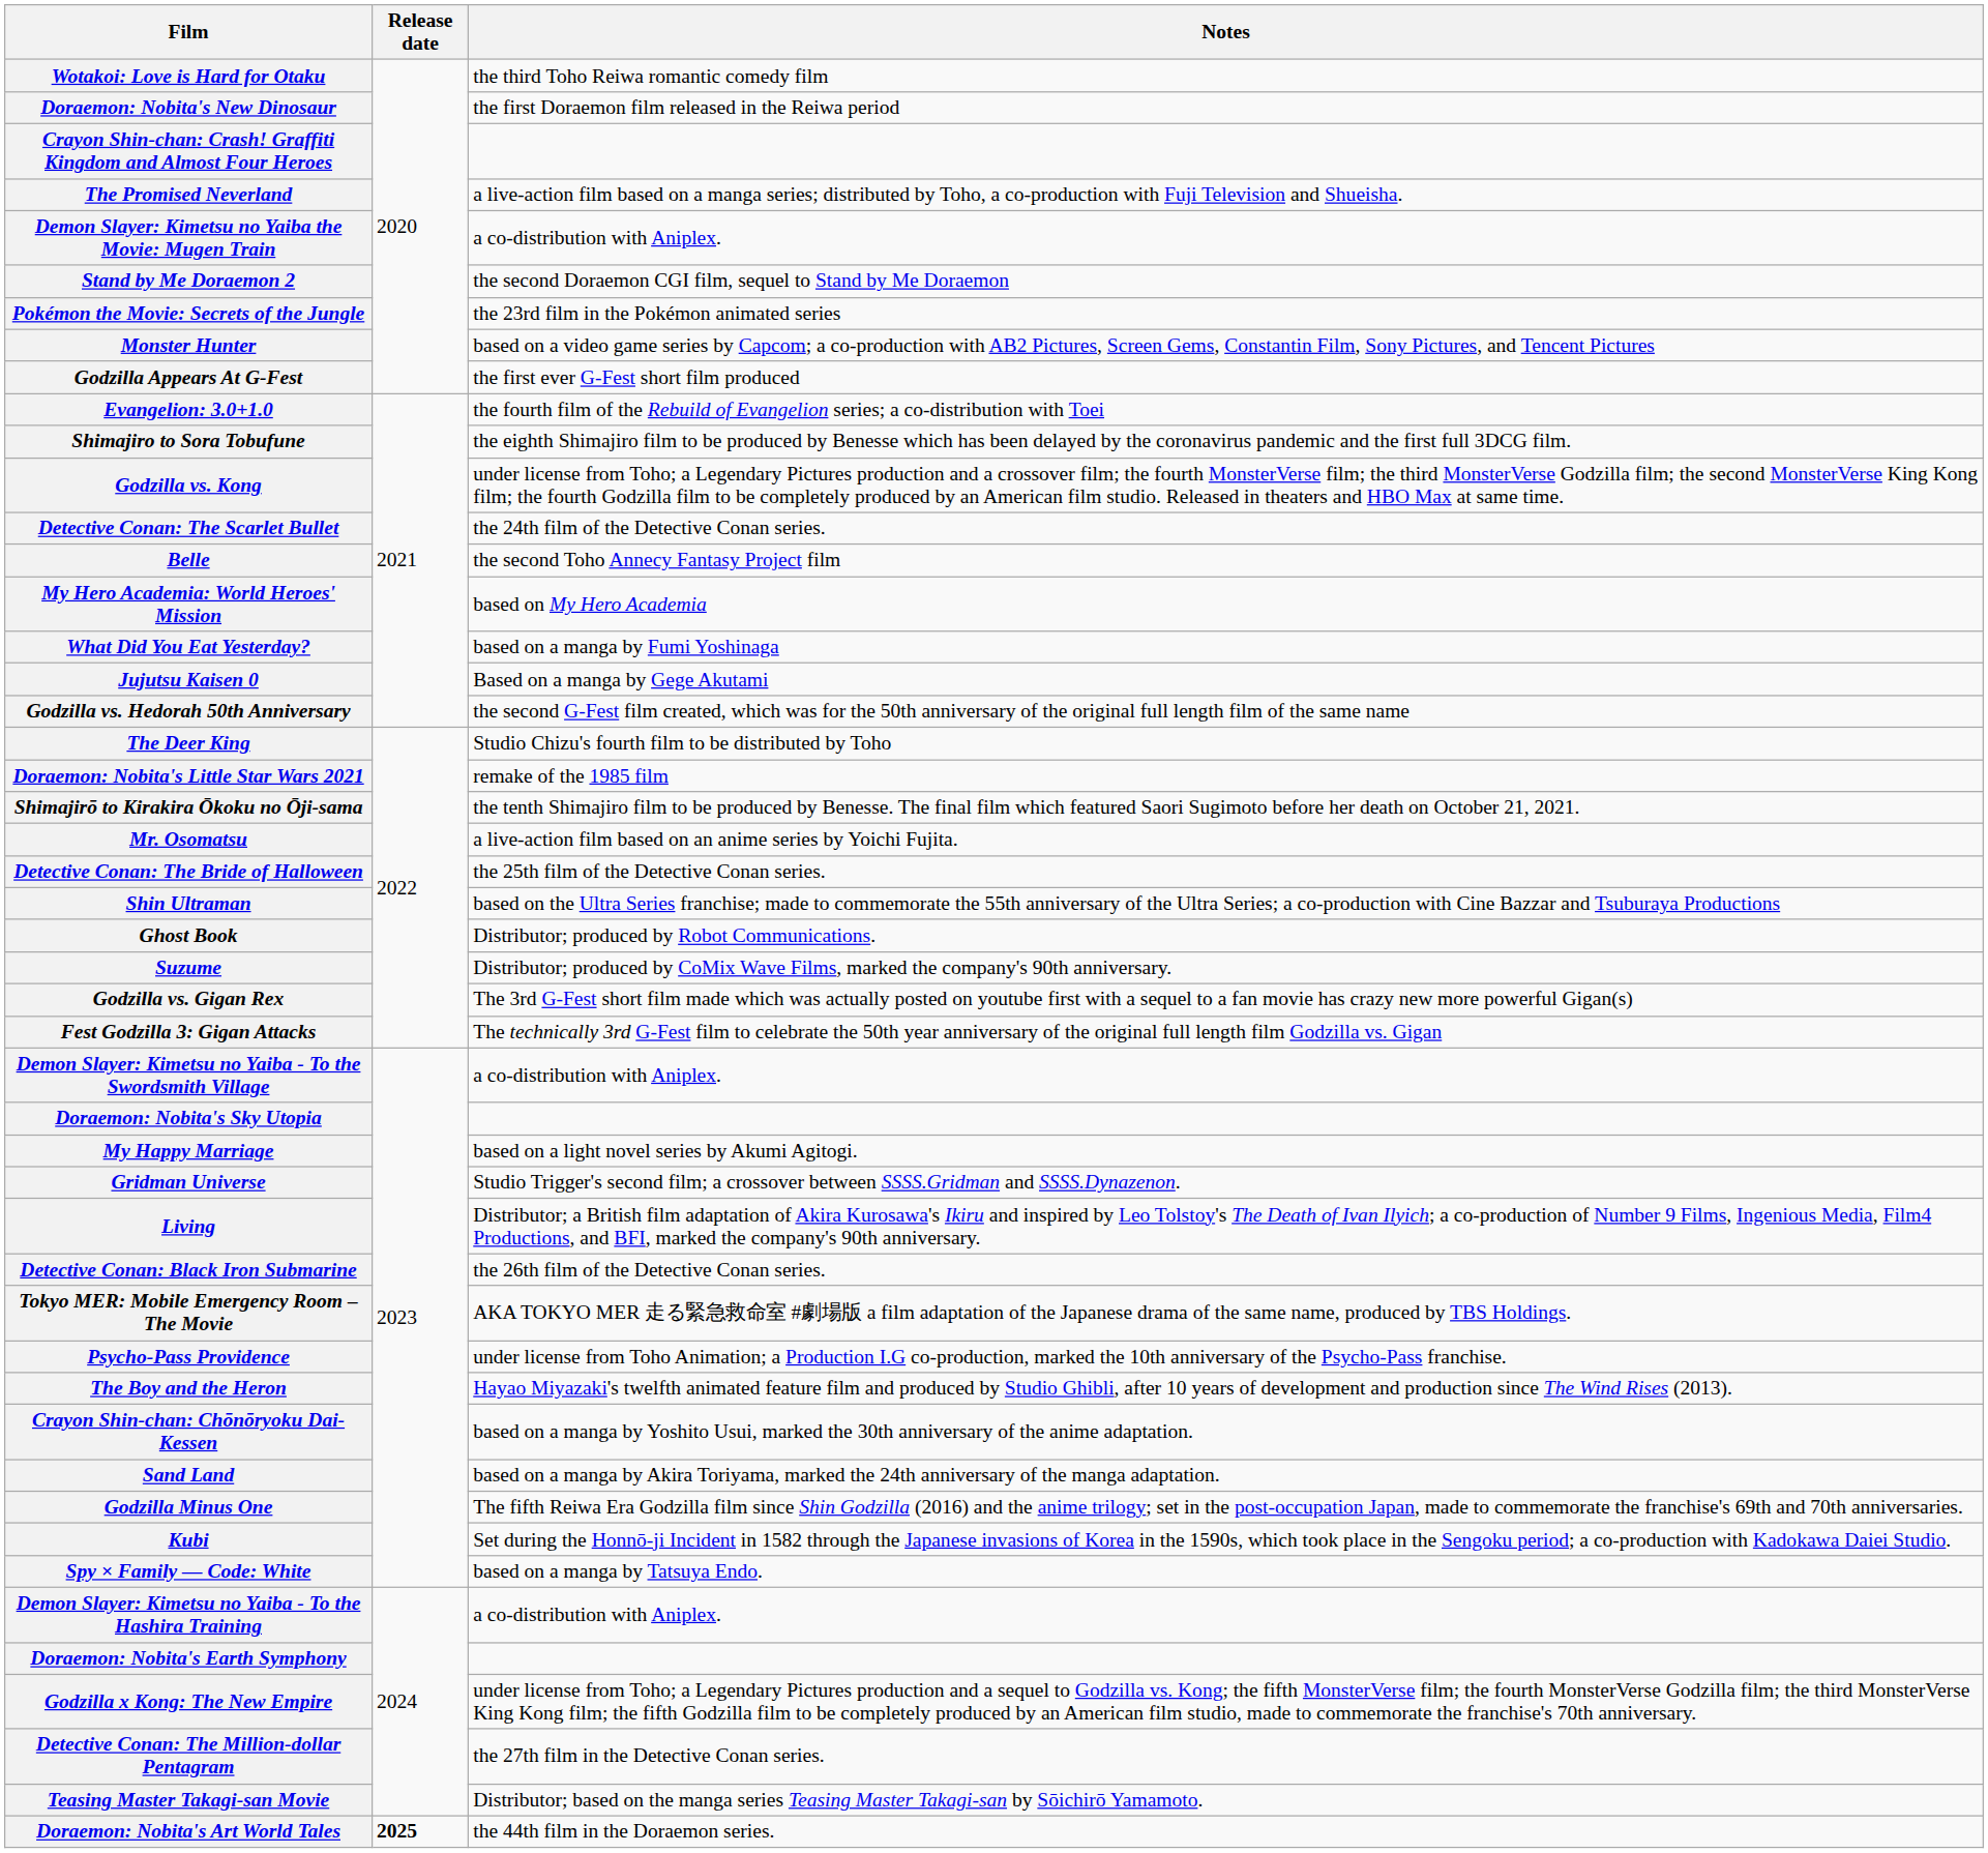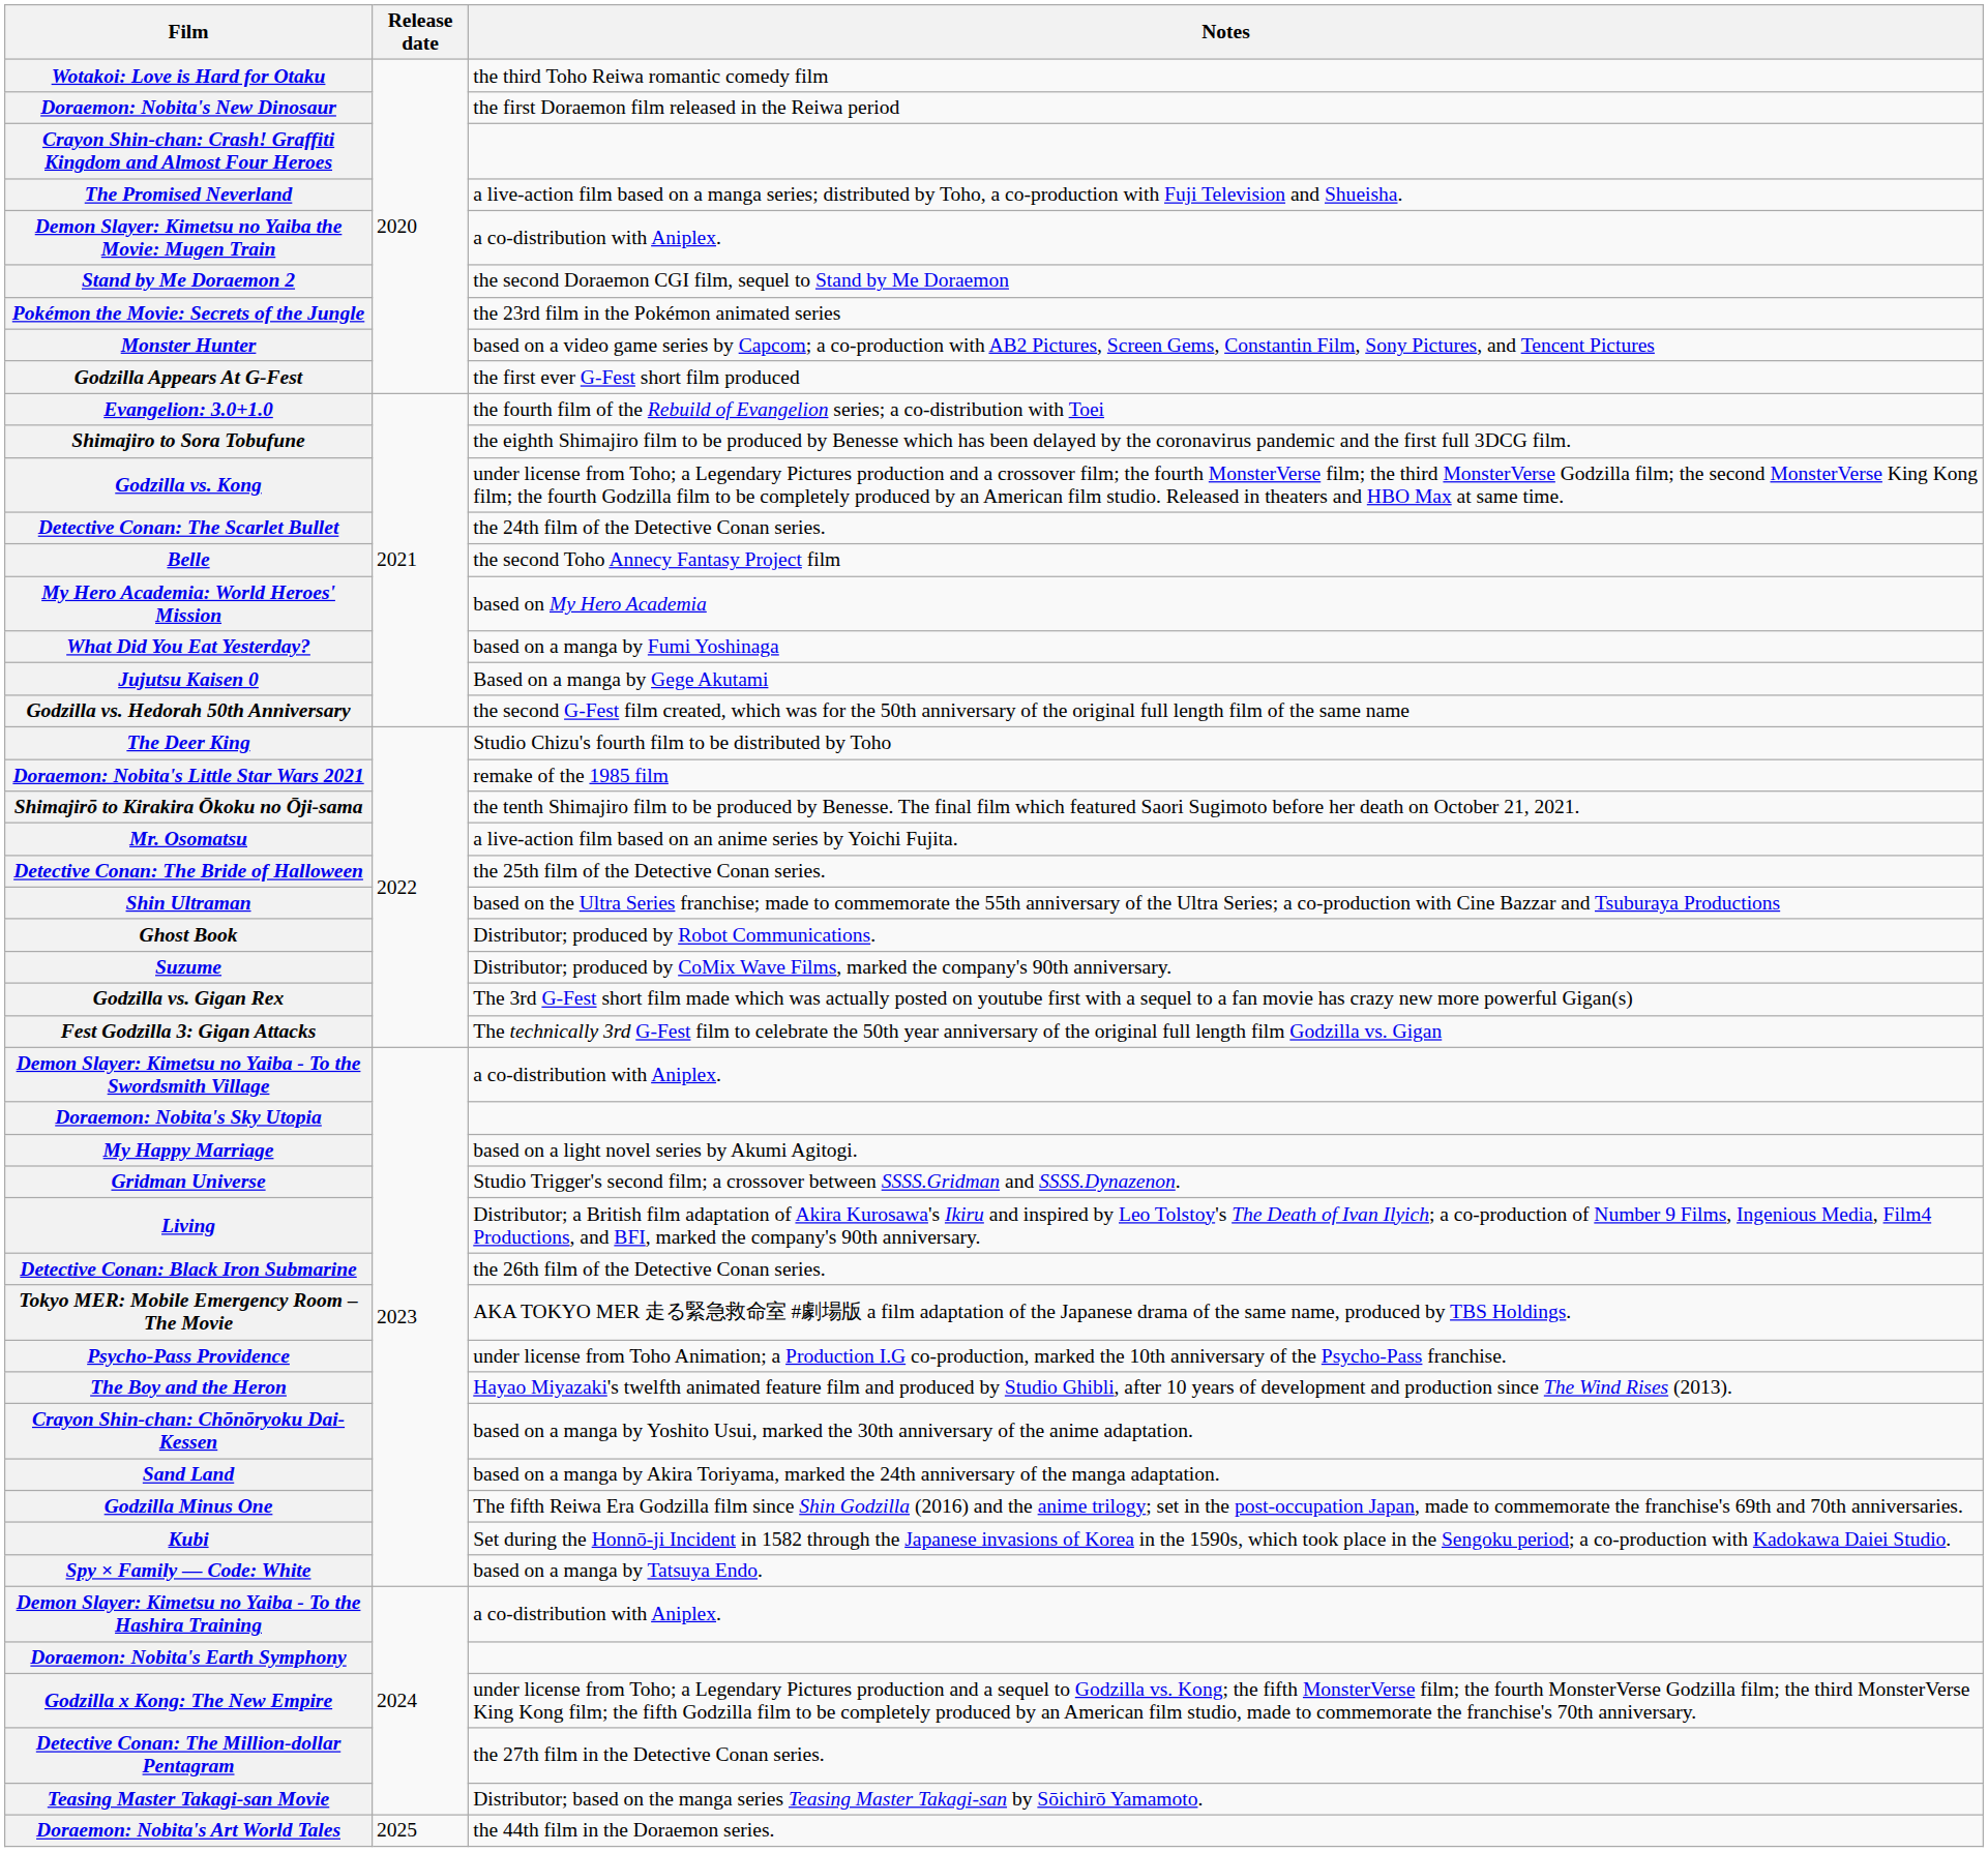 <table class="wikitable">
 <tr>
 <th>Film</th>
 <th>Release date</th>
 <th>Notes</th>
 </tr>
 <tr>
 <th scope="row"><em><a href='#'>Wotakoi: Love is Hard for Otaku</a></em></th>
 <td rowspan="9">2020</td>
 <td>the third Toho Reiwa romantic comedy film</td>
 </tr>
 <tr>
 <th scope="row"><em><a href='#'>Doraemon: Nobita's New Dinosaur</a></em></th>
 <td>the first Doraemon film released in the Reiwa period</td>
 </tr>
 <tr>
 <th scope="row"><em><a href='#'>Crayon Shin-chan: Crash! Graffiti Kingdom and Almost Four Heroes</a></em></th>
 <td></td>
 </tr>
 <tr>
 <th scope="row"><em><a href='#'>The Promised Neverland</a></em></th>
 <td>a live-action film based on a manga series; distributed by Toho, a co-production with <a href='#'>Fuji Television</a> and <a href='#'>Shueisha</a>.</td>
 </tr>
 <tr>
 <th scope="row"><em><a href='#'>Demon Slayer: Kimetsu no Yaiba the Movie: Mugen Train</a></em></th>
 <td>a co-distribution with <a href='#'>Aniplex</a>.</td>
 </tr>
 <tr>
 <th scope="row"><em><a href='#'>Stand by Me Doraemon 2</a></em></th>
 <td>the second Doraemon CGI film, sequel to <a href='#'>Stand by Me Doraemon</a></td>
 </tr>
 <tr>
 <th scope="row"><em><a href='#'>Pokémon the Movie: Secrets of the Jungle</a></em></th>
 <td>the 23rd film in the Pokémon animated series</td>
 </tr>
 <tr>
 <th scope="row"><em><a href='#'>Monster Hunter</a></em></th>
 <td>based on a video game series by <a href='#'>Capcom</a>; a co-production with <a href='#'>AB2 Pictures</a>, <a href='#'>Screen Gems</a>, <a href='#'>Constantin Film</a>, <a href='#'>Sony Pictures</a>, and <a href='#'>Tencent Pictures</a></td>
 </tr>
 <tr>
 <th scope="row"><em>Godzilla Appears At G-Fest</em></th>
 <td>the first ever <a href='#'>G-Fest</a> short film produced</td>
 </tr>
 <tr>
 <th scope="row"><em><a href='#'>Evangelion: 3.0+1.0</a></em></th>
 <td rowspan="9">2021</td>
 <td>the fourth film of the <em><a href='#'>Rebuild of Evangelion</a></em> series; a co-distribution with <a href='#'>Toei</a></td>
 </tr>
 <tr>
 <th scope="row"><em>Shimajiro to Sora Tobufune</em></th>
 <td>the eighth Shimajiro film to be produced by Benesse which has been delayed by the coronavirus pandemic and the first full 3DCG film.</td>
 </tr>
 <tr>
 <th scope="row"><em><a href='#'>Godzilla vs. Kong</a></em></th>
 <td>under license from Toho; a Legendary Pictures production and a crossover film; the fourth <a href='#'>MonsterVerse</a> film; the third <a href='#'>MonsterVerse</a> Godzilla film; the second <a href='#'>MonsterVerse</a> King Kong film; the fourth Godzilla film to be completely produced by an American film studio. Released in theaters and <a href='#'>HBO Max</a> at same time.</td>
 </tr>
 <tr>
 <th scope="row"><em><a href='#'>Detective Conan: The Scarlet Bullet</a></em></th>
 <td>the 24th film of the Detective Conan series.</td>
 </tr>
 <tr>
 <th scope="row"><em><a href='#'>Belle</a></em></th>
 <td>the second Toho <a href='#'>Annecy Fantasy Project</a> film</td>
 </tr>
 <tr>
 <th scope="row"><em><a href='#'>My Hero Academia: World Heroes' Mission</a></em></th>
 <td>based on <em><a href='#'>My Hero Academia</a></em></td>
 </tr>
 <tr>
 <th scope="row"><em><a href='#'>What Did You Eat Yesterday?</a></em></th>
 <td>based on a manga by <a href='#'>Fumi Yoshinaga</a></td>
 </tr>
 <tr>
 <th scope="row"><em><a href='#'>Jujutsu Kaisen 0</a></em></th>
 <td>Based on a manga by <a href='#'>Gege Akutami</a></td>
 </tr>
 <tr>
 <th scope="row"><em>Godzilla vs. Hedorah 50th Anniversary</em></th>
 <td>the second <a href='#'>G-Fest</a> film created, which was for the 50th anniversary of the original full length film of the same name</td>
 </tr>
 <tr>
 <th scope="row"><em><a href='#'>The Deer King</a></em></th>
 <td rowspan="10">2022</td>
 <td>Studio Chizu's fourth film to be distributed by Toho</td>
 </tr>
 <tr>
 <th scope="row"><em><a href='#'>Doraemon: Nobita's Little Star Wars 2021</a></em></th>
 <td>remake of the <a href='#'>1985 film</a></td>
 </tr>
 <tr>
 <th scope="row"><em>Shimajirō to Kirakira Ōkoku no Ōji-sama</em></th>
 <td>the tenth Shimajiro film to be produced by Benesse. The final film which featured Saori Sugimoto before her death on October 21, 2021.</td>
 </tr>
 <tr>
 <th scope="row"><em><a href='#'>Mr. Osomatsu</a></em></th>
 <td>a live-action film based on an anime series by Yoichi Fujita.</td>
 </tr>
 <tr>
 <th scope="row"><em><a href='#'>Detective Conan: The Bride of Halloween</a></em></th>
 <td>the 25th film of the Detective Conan series.</td>
 </tr>
 <tr>
 <th scope="row"><em><a href='#'>Shin Ultraman</a></em></th>
 <td>based on the <a href='#'>Ultra Series</a> franchise; made to commemorate the 55th anniversary of the Ultra Series; a co-production with Cine Bazzar and <a href='#'>Tsuburaya Productions</a></td>
 </tr>
 <tr>
 <th scope="row"><em>Ghost Book</em></th>
 <td>Distributor; produced by <a href='#'>Robot Communications</a>.</td>
 </tr>
 <tr>
 <th scope="row"><em><a href='#'>Suzume</a></em></th>
 <td>Distributor; produced by <a href='#'>CoMix Wave Films</a>, marked the company's 90th anniversary.</td>
 </tr>
 <tr>
 <th scope="row"><em>Godzilla vs. Gigan Rex</em></th>
 <td>The 3rd <a href='#'>G-Fest</a> short film made which was actually posted on youtube first with a sequel to a fan movie has crazy new more powerful Gigan(s)</td>
 </tr>
 <tr>
 <th scope-"row"><em>Fest Godzilla 3: Gigan Attacks</em></th>
 <td>The <em>technically 3rd</em> <a href='#'>G-Fest</a> film to celebrate the 50th year anniversary of the original full length film <a href='#'>Godzilla vs. Gigan</a></td>
 </tr>
 <tr>
 <th scope="row"><em><a href='#'>Demon Slayer: Kimetsu no Yaiba - To the Swordsmith Village</a></em></th>
 <td rowspan="14">2023</td>
 <td>a co-distribution with <a href='#'>Aniplex</a>.</td>
 </tr>
 <tr>
 <th scope="row"><em><a href='#'>Doraemon: Nobita's Sky Utopia</a></em></th>
 <td></td>
 </tr>
 <tr>
 <th scope="row"><em><a href='#'>My Happy Marriage</a></em></th>
 <td>based on a light novel series by Akumi Agitogi.</td>
 </tr>
 <tr>
 <th scope="row"><em><a href='#'>Gridman Universe</a></em></th>
 <td>Studio Trigger's second film; a crossover between <em><a href='#'>SSSS.Gridman</a></em> and <em><a href='#'>SSSS.Dynazenon</a></em>.</td>
 </tr>
 <tr>
 <th scope="row"><em><a href='#'>Living</a></em></th>
 <td>Distributor; a British film adaptation of <a href='#'>Akira Kurosawa</a>'s <em><a href='#'>Ikiru</a></em> and inspired by <a href='#'>Leo Tolstoy</a>'s <em><a href='#'>The Death of Ivan Ilyich</a></em>; a co-production of <a href='#'>Number 9 Films</a>, <a href='#'>Ingenious Media</a>, <a href='#'>Film4 Productions</a>, and <a href='#'>BFI</a>, marked the company's 90th anniversary.</td>
 </tr>
 <tr>
 <th scope="row"><em><a href='#'>Detective Conan: Black Iron Submarine</a></em></th>
 <td>the 26th film of the Detective Conan series.</td>
 </tr>
 <tr>
 <th scope="row"><em>Tokyo MER: Mobile Emergency Room – The Movie</em></th>
 <td>AKA TOKYO MER 走る緊急救命室 #劇場版 a film adaptation of the Japanese drama of the same name, produced by <a href='#'>TBS Holdings</a>.</td>
 </tr>
 <tr>
 <th scope="row"><em><a href='#'>Psycho-Pass Providence</a></em></th>
 <td>under license from Toho Animation; a <a href='#'>Production I.G</a> co-production, marked the 10th anniversary of the <a href='#'>Psycho-Pass</a> franchise.</td>
 </tr>
 <tr>
 <th scope="row"><em><a href='#'>The Boy and the Heron</a></em></th>
 <td><a href='#'>Hayao Miyazaki</a>'s twelfth animated feature film and produced by <a href='#'>Studio Ghibli</a>, after 10 years of development and production since <em><a href='#'>The Wind Rises</a></em> (2013).</td>
 </tr>
 <tr>
 <th scope="row"><em><a href='#'>Crayon Shin-chan: Chōnōryoku Dai-Kessen</a></em></th>
 <td>based on a manga by Yoshito Usui, marked the 30th anniversary of the anime adaptation.</td>
 </tr>
 <tr>
 <th scope="row"><em><a href='#'>Sand Land</a></em></th>
 <td>based on a manga by Akira Toriyama, marked the 24th anniversary of the manga adaptation.</td>
 </tr>
 <tr>
 <th scope="row"><em><a href='#'>Godzilla Minus One</a></em></th>
 <td>The fifth Reiwa Era Godzilla film since <em><a href='#'>Shin Godzilla</a></em> (2016) and the <a href='#'>anime trilogy</a>; set in the <a href='#'>post-occupation Japan</a>, made to commemorate the franchise's 69th and 70th anniversaries.</td>
 </tr>
 <tr>
 <th scope="row"><em><a href='#'>Kubi</a></em></th>
 <td>Set during the <a href='#'>Honnō-ji Incident</a> in 1582 through the <a href='#'>Japanese invasions of Korea</a> in the 1590s, which took place in the <a href='#'>Sengoku period</a>; a co-production with <a href='#'>Kadokawa Daiei Studio</a>.</td>
 </tr>
 <tr>
 <th scope="row"><em><a href='#'>Spy × Family — Code: White</a></em></th>
 <td>based on a manga by <a href='#'>Tatsuya Endo</a>.</td>
 </tr>
 <tr>
 <th scope="row"><em><a href='#'>Demon Slayer: Kimetsu no Yaiba - To the Hashira Training</a></em></th>
 <td rowspan="5">2024</td>
 <td>a co-distribution with <a href='#'>Aniplex</a>.</td>
 </tr>
 <tr>
 <th scope="row"><em><a href='#'>Doraemon: Nobita's Earth Symphony</a></em></th>
 <td></td>
 </tr>
 <tr>
 <th><em><a href='#'>Godzilla x Kong: The New Empire</a></em></th>
 <td>under license from Toho; a Legendary Pictures production and a sequel to <a href='#'>Godzilla vs. Kong</a>; the fifth <a href='#'>MonsterVerse</a> film; the fourth MonsterVerse Godzilla film; the third MonsterVerse King Kong film; the fifth Godzilla film to be completely produced by an American film studio, made to commemorate the franchise's 70th anniversary.</td>
 </tr>
 <tr>
 <th><em><a href='#'>Detective Conan: The Million-dollar Pentagram</a></em></th>
 <td>the 27th film in the Detective Conan series.</td>
 </tr>
 <tr>
 <th><em><a href='#'>Teasing Master Takagi-san Movie</a></em></th>
 <td>Distributor; based on the manga series <em><a href='#'>Teasing Master Takagi-san</a></em> by <a href='#'>Sōichirō Yamamoto</a>.</td>
 </tr>
 <tr>
 <th><em><a href='#'>Doraemon: Nobita's Art World Tales</a></em></th>
-<td><strong>2025</strong></td>
+<td>2025</td>
 <td>the 44th film in the Doraemon series.</td>
 </tr>
 </table>
